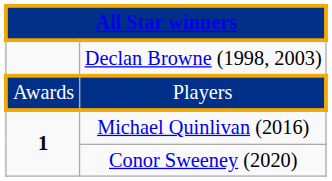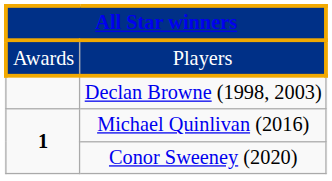 <table class="wikitable" width="%">
 <tr style="text-align:center;background:#003087; color:white; border:3px solid #F2A901">
 <td colspan="2"><a href='#'><span><strong>All Star winners</strong></span></a></td>
 </tr>
+<tr style="text-align:center;background:#003087; color:white; border:3px solid #F2A901">
+<td width="50px">Awards</td>
+<td>Players</td>
+</tr>
 <tr>
 <td></td>
 <td style="text-align:center;"><a href='#'>Declan Browne</a> (1998, 2003)</td>
-</tr>
-<tr style="text-align:center;background:#003087; color:white; border:3px solid #F2A901">
-<td width="50px">Awards</td>
-<td>Players</td>
 </tr>
 <tr>
 <td rowspan="2" style="text-align:center;"><strong>1</strong></td>
 <td style="text-align:center;"><a href='#'>Michael Quinlivan</a> (2016)</td>
 </tr>
 <tr>
 <td style="text-align:center;"><a href='#'>Conor Sweeney</a> (2020)</td>
 </tr>
 </table>
